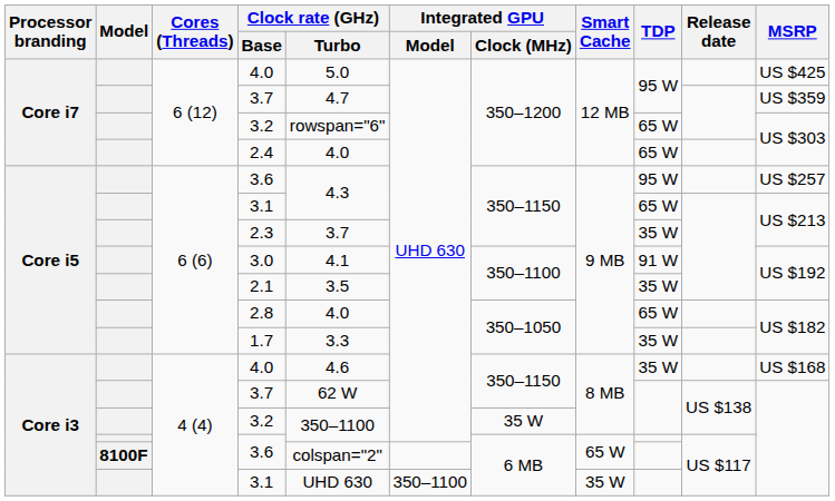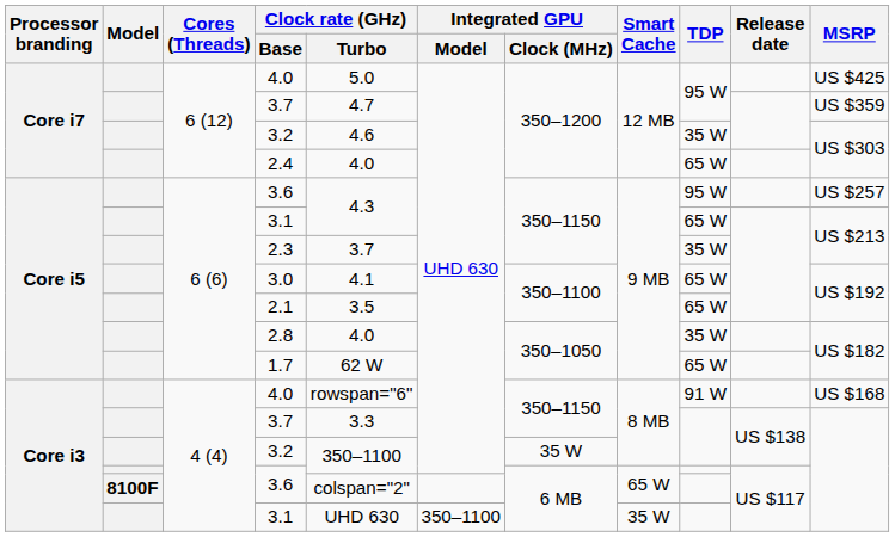 <table class="wikitable sortable nowrap" style="text-align: center;">
 <tr>
 <th class="unsortable" rowspan="2">Processor<br>branding</th>
 <th rowspan="2">Model</th>
 <th class="unsortable" rowspan="2"><a href='#'>Cores</a><br>(<a href='#'>Threads</a>)</th>
 <th colspan="2"><a href='#'>Clock rate</a> (GHz)</th>
 <th colspan="2">Integrated <a href='#'>GPU</a></th>
 <th class="unsortable" rowspan="2"><a href='#'>Smart<br>Cache</a></th>
 <th rowspan="2"><a href='#'>TDP</a></th>
 <th rowspan="2">Release<br>date</th>
 <th class="unsortable" rowspan="2"><a href='#'>MSRP</a></th>
 </tr>
 <tr>
 <th class="unsortable">Base</th>
 <th class="unsortable">Turbo</th>
 <th class="unsortable">Model</th>
 <th class="unsortable">Clock (MHz)</th>
 </tr>
 <tr>
 <th rowspan="4">Core i7</th>
 <th style="text-align:left;" data-sort-value="sku17"></th>
 <td rowspan="4">6 (12)</td>
 <td>4.0</td>
 <td>5.0</td>
 <td rowspan="15"><a href='#'>UHD 630</a></td>
 <td rowspan="4">350–1200</td>
 <td rowspan="4">12 MB</td>
 <td rowspan="2">95 W</td>
 <td></td>
 <td>US $425</td>
 </tr>
 <tr>
 <th style="text-align:left;" data-sort-value="sku16"></th>
 <td>3.7</td>
 <td>4.7</td>
 <td rowspan="2"></td>
 <td>US $359</td>
 </tr>
 <tr>
 <th style="text-align:left;" data-sort-value="sku15"></th>
 <td>3.2</td>
-<td>rowspan="6" </td>
-<td>65 W</td>
+<td>4.6</td>
+<td>35 W</td>
 <td rowspan="2">US $303</td>
 </tr>
 <tr>
 <th style="text-align:left;" data-sort-value="sku14"></th>
 <td>2.4</td>
 <td>4.0</td>
 <td>65 W</td>
 <td></td>
 </tr>
 <tr>
 <th rowspan="7">Core i5</th>
 <th style="text-align:left;" data-sort-value="sku13"></th>
 <td rowspan="7">6 (6)</td>
 <td>3.6</td>
 <td rowspan="2">4.3</td>
 <td rowspan="3">350–1150</td>
 <td rowspan="7">9 MB</td>
 <td>95 W</td>
 <td></td>
 <td>US $257</td>
 </tr>
 <tr>
 <th style="text-align:left;" data-sort-value="sku12"></th>
 <td>3.1</td>
 <td>65 W</td>
 <td rowspan="4"></td>
 <td rowspan="2">US $213</td>
 </tr>
 <tr>
 <th style="text-align:left;" data-sort-value="sku11"></th>
 <td>2.3</td>
 <td>3.7</td>
 <td>35 W</td>
 </tr>
 <tr>
 <th style="text-align:left;" data-sort-value="sku10"></th>
 <td>3.0</td>
 <td>4.1</td>
 <td rowspan="2">350–1100</td>
-<td>91 W</td>
+<td>65 W</td>
 <td rowspan="2">US $192</td>
 </tr>
 <tr>
 <th style="text-align:left;" data-sort-value="sku9"></th>
 <td>2.1</td>
 <td>3.5</td>
-<td>35 W</td>
+<td>65 W</td>
 </tr>
 <tr>
 <th style="text-align:left;" data-sort-value="sku8"></th>
 <td>2.8</td>
 <td>4.0</td>
 <td rowspan="2">350–1050</td>
-<td>65 W</td>
+<td>35 W</td>
 <td></td>
 <td rowspan="2">US $182</td>
 </tr>
 <tr>
 <th style="text-align:left;" data-sort-value="sku7"></th>
 <td>1.7</td>
-<td>3.3</td>
-<td>35 W</td>
+<td>62 W</td>
+<td>65 W</td>
 <td></td>
 </tr>
 <tr>
 <th rowspan="6">Core i3</th>
 <th style="text-align:left;" data-sort-value="sku6"></th>
 <td rowspan="6">4 (4)</td>
 <td>4.0</td>
-<td>4.6</td>
+<td>rowspan="6" </td>
 <td rowspan="2">350–1150</td>
 <td rowspan="3">8 MB</td>
-<td>35 W</td>
+<td>91 W</td>
 <td></td>
 <td>US $168</td>
 </tr>
 <tr>
 <th style="text-align:left;" data-sort-value="sku5"></th>
 <td>3.7</td>
-<td>62 W</td>
+<td>3.3</td>
 <td rowspan="2"></td>
 <td rowspan="2">US $138</td>
 </tr>
 <tr>
 <th style="text-align:left;" data-sort-value="sku4"></th>
 <td>3.2</td>
 <td rowspan="2">350–1100</td>
 <td>35 W</td>
 </tr>
 <tr>
 <th style="text-align:left;" data-sort-value="sku3"></th>
 <td rowspan="2">3.6</td>
 <td rowspan="3">6 MB</td>
 <td rowspan="2">65 W</td>
 <td></td>
 <td rowspan="3">US $117</td>
 </tr>
 <tr>
 <th style="text-align:left;" data-sort-value="sku2">8100F</th>
 <td>colspan="2" </td>
 <td></td>
 </tr>
 <tr>
 <th style="text-align:left;" data-sort-value="sku1"></th>
 <td>3.1</td>
 <td>UHD 630</td>
 <td>350–1100</td>
 <td>35 W</td>
 <td></td>
 </tr>
 </table>
